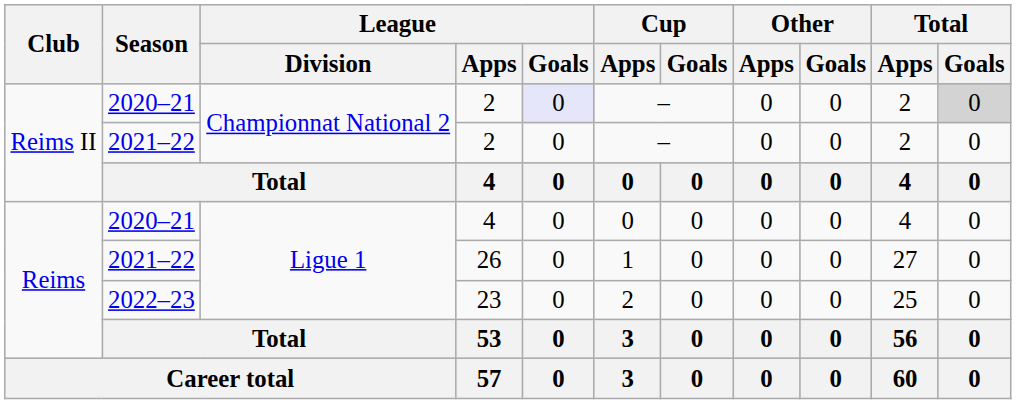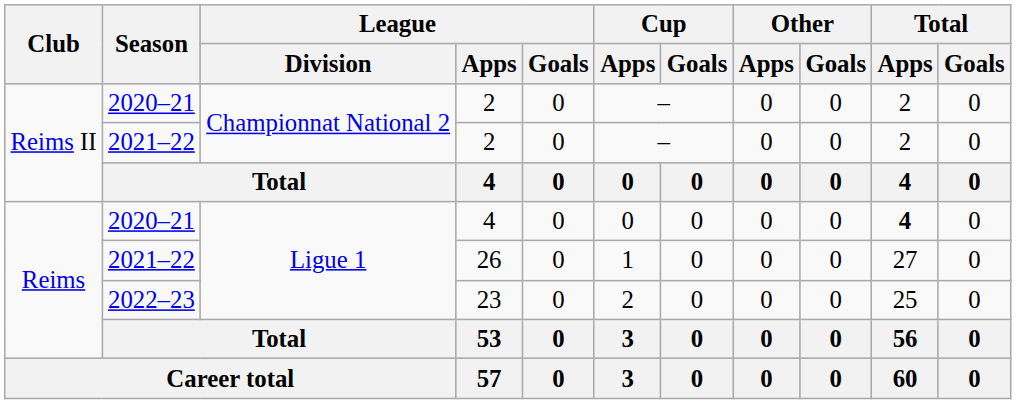 <table class="wikitable" style="text-align:center">
 <tr>
 <th rowspan="2">Club</th>
 <th rowspan="2">Season</th>
 <th colspan="3">League</th>
 <th colspan="2">Cup</th>
 <th colspan="2">Other</th>
 <th colspan="2">Total</th>
 </tr>
 <tr>
 <th>Division</th>
 <th>Apps</th>
 <th>Goals</th>
 <th>Apps</th>
 <th>Goals</th>
 <th>Apps</th>
 <th>Goals</th>
 <th>Apps</th>
 <th>Goals</th>
 </tr>
 <tr>
 <td rowspan="3"><a href='#'>Reims</a> II</td>
 <td><a href='#'>2020–21</a></td>
 <td rowspan="2"><a href='#'>Championnat National 2</a></td>
 <td>2</td>
-<td style="background: lavender;">0</td>
+<td>0</td>
 <td colspan="2">–</td>
 <td>0</td>
 <td>0</td>
 <td>2</td>
-<td style="background: lightgrey;">0</td>
+<td>0</td>
 </tr>
 <tr>
 <td><a href='#'>2021–22</a></td>
 <td>2</td>
 <td>0</td>
 <td colspan="2">–</td>
 <td>0</td>
 <td>0</td>
 <td>2</td>
 <td>0</td>
 </tr>
 <tr>
 <th colspan="2">Total</th>
 <th>4</th>
 <th>0</th>
 <th>0</th>
 <th>0</th>
 <th>0</th>
 <th>0</th>
 <th>4</th>
 <th>0</th>
 </tr>
 <tr>
 <td rowspan="4"><a href='#'>Reims</a></td>
 <td><a href='#'>2020–21</a></td>
 <td rowspan="3"><a href='#'>Ligue 1</a></td>
 <td>4</td>
 <td>0</td>
 <td>0</td>
 <td>0</td>
 <td>0</td>
 <td>0</td>
-<td>4</td>
+<td><strong>4</strong></td>
 <td>0</td>
 </tr>
 <tr>
 <td><a href='#'>2021–22</a></td>
 <td>26</td>
 <td>0</td>
 <td>1</td>
 <td>0</td>
 <td>0</td>
 <td>0</td>
 <td>27</td>
 <td>0</td>
 </tr>
 <tr>
 <td><a href='#'>2022–23</a></td>
 <td>23</td>
 <td>0</td>
 <td>2</td>
 <td>0</td>
 <td>0</td>
 <td>0</td>
 <td>25</td>
 <td>0</td>
 </tr>
 <tr>
 <th colspan="2">Total</th>
 <th>53</th>
 <th>0</th>
 <th>3</th>
 <th>0</th>
 <th>0</th>
 <th>0</th>
 <th>56</th>
 <th>0</th>
 </tr>
 <tr>
 <th colspan="3">Career total</th>
 <th>57</th>
 <th>0</th>
 <th>3</th>
 <th>0</th>
 <th>0</th>
 <th>0</th>
 <th>60</th>
 <th>0</th>
 </tr>
 </table>
